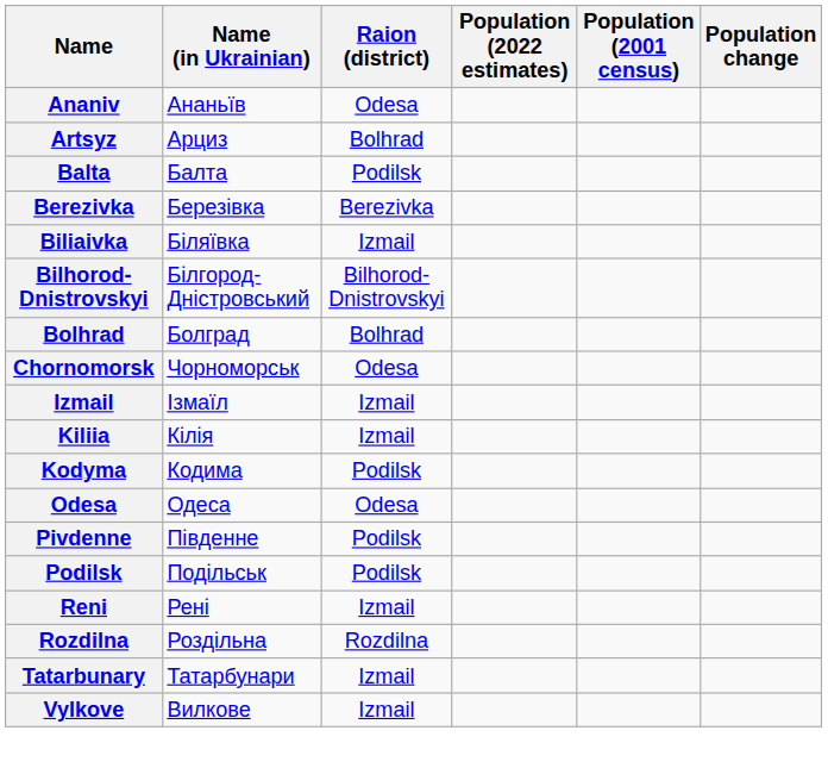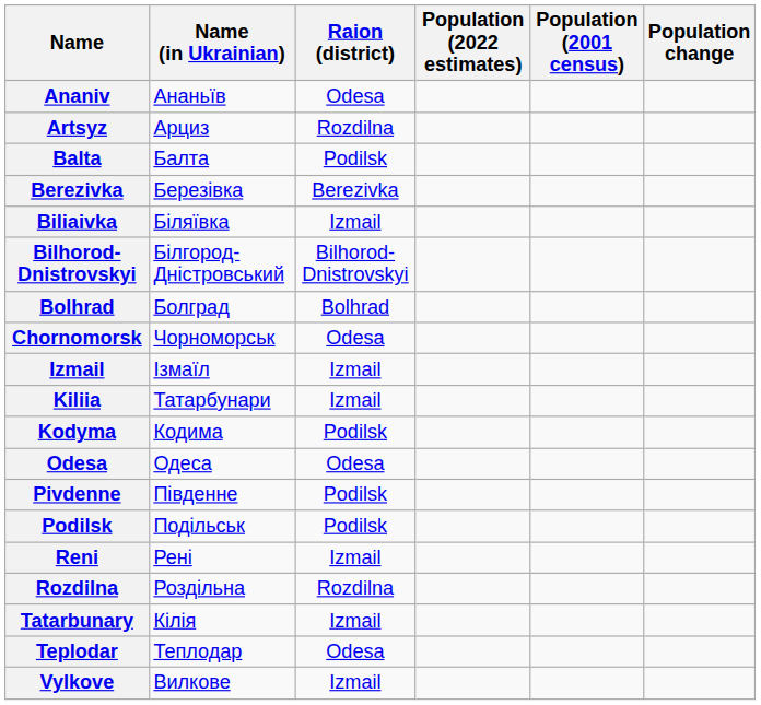 <table class="wikitable sortable" id="Table of cities" caption="Tabulated list of cities in ">
 <tr>
 <th scope="col">Name</th>
 <th scope="col">Name<br>(in <a href='#'>Ukrainian</a>)</th>
 <th scope="col"><a href='#'>Raion</a> (district)</th>
 <th scope="col">Population<br>(2022 estimates)</th>
 <th scope="col">Population<br>(<a href='#'>2001 census</a>)</th>
 <th scope="col">Population<br>change</th>
 </tr>
 <tr>
 <th scope="row" align="left"><a href='#'>Ananiv</a></th>
 <td><a href='#'>Ананьїв</a></td>
 <td align="center"><a href='#'>Odesa</a></td>
 <td align=right></td>
 <td align=right></td>
 <td align=right></td>
 </tr>
 <tr>
 <th scope="row" align="left"><a href='#'>Artsyz</a></th>
 <td><a href='#'>Арциз</a></td>
-<td align=center><a href='#'>Bolhrad</a></td>
+<td align=center><a href='#'>Rozdilna</a></td>
 <td align=right></td>
 <td align=right></td>
 <td align=right></td>
 </tr>
 <tr>
 <th scope="row" align="left"><a href='#'>Balta</a></th>
 <td><a href='#'>Балта</a></td>
 <td align=center><a href='#'>Podilsk</a></td>
 <td align=right></td>
 <td align=right></td>
 <td align=right></td>
 </tr>
 <tr>
 <th scope="row" align="left"><a href='#'>Berezivka</a></th>
 <td><a href='#'>Березівка</a></td>
 <td align=center><a href='#'>Berezivka</a></td>
 <td align=right></td>
 <td align=right></td>
 <td align=right></td>
 </tr>
 <tr>
 <th scope="row" align="left"><a href='#'>Biliaivka</a></th>
 <td><a href='#'>Біляївка</a></td>
 <td align=center><a href='#'>Izmail</a></td>
 <td align=right></td>
 <td align=right></td>
 <td align=right></td>
 </tr>
 <tr>
 <th scope="row" align="left"><a href='#'>Bilhorod-Dnistrovskyi</a></th>
 <td><a href='#'>Білгород-Дністровський</a></td>
 <td align=center><a href='#'>Bilhorod-Dnistrovskyi</a></td>
 <td align=right></td>
 <td align=right></td>
 <td align=right></td>
 </tr>
 <tr>
 <th scope="row" align="left"><a href='#'>Bolhrad</a></th>
 <td><a href='#'>Болград</a></td>
 <td align=center><a href='#'>Bolhrad</a></td>
 <td align=right></td>
 <td align=right></td>
 <td align=right></td>
 </tr>
 <tr>
 <th scope="row" align="left"><a href='#'>Chornomorsk</a></th>
 <td><a href='#'>Чорноморськ</a></td>
 <td align=center><a href='#'>Odesa</a></td>
 <td align=right></td>
 <td align=right></td>
 <td align=right></td>
 </tr>
 <tr>
 <th scope="row" align="left"><a href='#'>Izmail</a></th>
 <td><a href='#'>Ізмаїл</a></td>
 <td align=center><a href='#'>Izmail</a></td>
 <td align=right></td>
 <td align=right></td>
 <td align=right></td>
 </tr>
 <tr>
 <th scope="row" align="left"><a href='#'>Kiliia</a></th>
-<td><a href='#'>Кілія</a></td>
+<td><a href='#'>Татарбунари</a></td>
 <td align=center><a href='#'>Izmail</a></td>
 <td align=right></td>
 <td align=right></td>
 <td align=right></td>
 </tr>
 <tr>
 <th scope="row" align="left"><a href='#'>Kodyma</a></th>
 <td><a href='#'>Кодима</a></td>
 <td align=center><a href='#'>Podilsk</a></td>
 <td align=right></td>
 <td align=right></td>
 <td align=right></td>
 </tr>
 <tr>
 <th scope="row" align="left"><a href='#'>Odesa</a></th>
 <td><a href='#'>Одеса</a></td>
 <td align=center><a href='#'>Odesa</a></td>
 <td align=right></td>
 <td align=right></td>
 <td align=right></td>
 </tr>
 <tr>
 <th scope="row" align="left"><a href='#'>Pivdenne</a></th>
 <td><a href='#'>Південне</a></td>
 <td align=center><a href='#'>Podilsk</a></td>
 <td align="right"></td>
 <td align="right"></td>
 <td align="right"></td>
 </tr>
 <tr>
 <th scope="row" align="left"><a href='#'>Podilsk</a></th>
 <td><a href='#'>Подільськ</a></td>
 <td align=center><a href='#'>Podilsk</a></td>
 <td align=right></td>
 <td align=right></td>
 <td align=right></td>
 </tr>
 <tr>
 <th scope="row" align="left"><a href='#'>Reni</a></th>
 <td><a href='#'>Рені</a></td>
 <td align=center><a href='#'>Izmail</a></td>
 <td align=right></td>
 <td align=right></td>
 <td align=right></td>
 </tr>
 <tr>
 <th scope="row" align="left"><a href='#'>Rozdilna</a></th>
 <td><a href='#'>Роздільна</a></td>
 <td align=center><a href='#'>Rozdilna</a></td>
 <td align=right></td>
 <td align=right></td>
 <td align=right></td>
 </tr>
 <tr>
 <th scope="row" align="left"><a href='#'>Tatarbunary</a></th>
-<td><a href='#'>Татарбунари</a></td>
+<td><a href='#'>Кілія</a></td>
 <td align=center><a href='#'>Izmail</a></td>
+<td align=right></td>
+<td align=right></td>
+<td align=right></td>
+</tr>
+<tr>
+<th scope="row" align="left"><a href='#'>Teplodar</a></th>
+<td><a href='#'>Теплодар</a></td>
+<td align=center><a href='#'>Odesa</a></td>
 <td align=right></td>
 <td align=right></td>
 <td align=right></td>
 </tr>
 <tr>
 <th scope="row" align="left"><a href='#'>Vylkove</a></th>
 <td><a href='#'>Вилкове</a></td>
 <td align=center><a href='#'>Izmail</a></td>
 <td align=right></td>
 <td align=right></td>
 <td align=right></td>
 </tr>
 </table>
